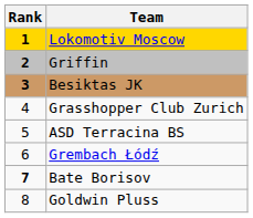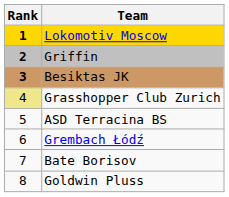 <table class="wikitable" style="text-align:center">
 <tr>
 <th>Rank</th>
 <th>Team</th>
 </tr>
 <tr bgcolor="gold">
 <td><strong>1</strong></td>
 <td align="left"> <a href='#'>Lokomotiv Moscow</a></td>
 </tr>
 <tr bgcolor="silver">
 <td><strong>2</strong></td>
 <td align="left"> Griffin</td>
 </tr>
 <tr bgcolor="#CC9966">
 <td><strong>3</strong></td>
 <td align="left"> Besiktas JK</td>
 </tr>
 <tr>
-<td>4</td>
+<td style="background: khaki;">4</td>
 <td align="left"> Grasshopper Club Zurich</td>
 </tr>
 <tr>
 <td>5</td>
 <td align="left"> ASD Terracina BS</td>
 </tr>
 <tr>
 <td>6</td>
 <td align="left"> <a href='#'>Grembach Łódź</a></td>
 </tr>
 <tr>
-<td><strong>7</strong></td>
+<td>7</td>
 <td align="left"> Bate Borisov</td>
 </tr>
 <tr>
 <td>8</td>
 <td align="left"> Goldwin Pluss</td>
 </tr>
 </table>
